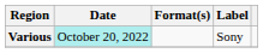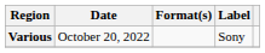 <table class="wikitable plainrowheaders">
 <tr>
 <th scope="col">Region</th>
 <th scope="col">Date</th>
 <th scope="col">Format(s)</th>
 <th scope="col">Label</th>
 <th scope="col"></th>
 </tr>
 <tr>
 <th scope="row">Various</th>
-<td style="background: paleturquoise;">October 20, 2022</td>
+<td>October 20, 2022</td>
 <td></td>
 <td>Sony</td>
 <td align="center"></td>
 </tr>
 <tr>
 </tr>
 </table>
